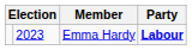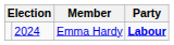 <table class="wikitable">
 <tr>
 <th colspan="2">Election</th>
 <th>Member</th>
 <th>Party</th>
 </tr>
 <tr>
 <td style="color:inherit;background-color: "></td>
-<td><a href='#'>2023</a></td>
+<td><a href='#'>2024</a></td>
 <td><a href='#'>Emma Hardy</a></td>
 <td><strong><a href='#'>Labour</a></strong></td>
 </tr>
 </table>
